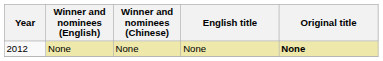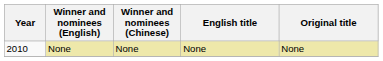 <table class="wikitable" style="width:100%;">
 <tr style="background:#bebebe">
 <th width="100"><strong>Year</strong></th>
 <th width="150"><strong>Winner and nominees<br>(English)</strong></th>
 <th width="150"><strong>Winner and nominees<br>(Chinese)</strong></th>
 <th width="300"><strong>English title</strong></th>
 <th width="300"><strong>Original title</strong></th>
 </tr>
 <tr>
-<td rowspan="1">2012</td>
+<td rowspan="1">2010</td>
 <td style="background:#EEE8AA;">None</td>
 <td style="background:#EEE8AA;">None</td>
 <td style="background:#EEE8AA;">None</td>
-<td style="background:#EEE8AA;"><strong>None</strong></td>
+<td style="background:#EEE8AA;">None</td>
 </tr>
 <tr>
 </tr>
 </table>
